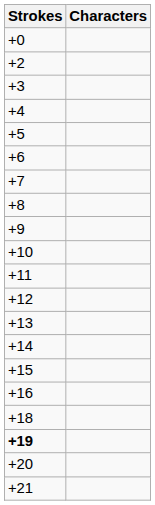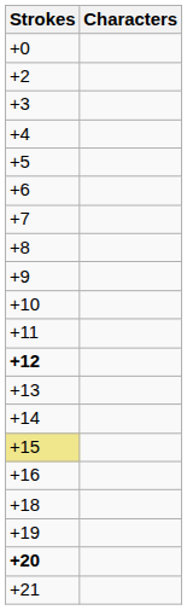 <table class="wikitable">
 <tr>
 <th>Strokes</th>
 <th>Characters</th>
 </tr>
 <tr --->
 <td>+0</td>
 <td style="font-size: large;"></td>
 </tr>
 <tr --->
 <td>+2</td>
 <td style="font-size: large;"></td>
 </tr>
 <tr --->
 <td>+3</td>
 <td style="font-size: large;">     </td>
 </tr>
 <tr --->
 <td>+4</td>
 <td style="font-size: large;">                       </td>
 </tr>
 <tr --->
 <td>+5</td>
 <td style="font-size: large;">                               </td>
 </tr>
 <tr --->
 <td>+6</td>
 <td style="font-size: large;">                 </td>
 </tr>
 <tr --->
 <td>+7</td>
 <td style="font-size: large;">                 </td>
 </tr>
 <tr --->
 <td>+8</td>
 <td style="font-size: large;">                           </td>
 </tr>
 <tr --->
 <td>+9</td>
 <td style="font-size: large;">                        </td>
 </tr>
 <tr --->
 <td>+10</td>
 <td style="font-size: large;">            </td>
 </tr>
 <tr --->
 <td>+11</td>
 <td style="font-size: large;">               </td>
 </tr>
 <tr --->
-<td>+12</td>
+<td><strong>+12</strong></td>
 <td style="font-size: large;">                   </td>
 </tr>
 <tr --->
 <td>+13</td>
 <td style="font-size: large;">          </td>
 </tr>
 <tr --->
 <td>+14</td>
 <td style="font-size: large;">       </td>
 </tr>
 <tr --->
-<td>+15</td>
+<td style="background: khaki;">+15</td>
 <td style="font-size: large;">    </td>
 </tr>
 <tr --->
 <td>+16</td>
 <td style="font-size: large;">   </td>
 </tr>
 <tr --->
 <td>+18</td>
 <td style="font-size: large;"></td>
 </tr>
 <tr --->
-<td><strong>+19</strong></td>
+<td>+19</td>
 <td style="font-size: large;">  </td>
 </tr>
 <tr --->
-<td>+20</td>
+<td><strong>+20</strong></td>
 <td style="font-size: large;"> </td>
 </tr>
 <tr --->
 <td>+21</td>
 <td style="font-size: large;"> </td>
 </tr>
 </table>
